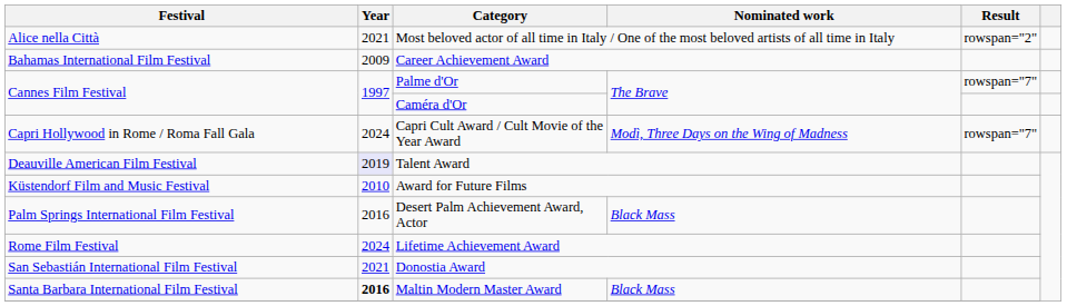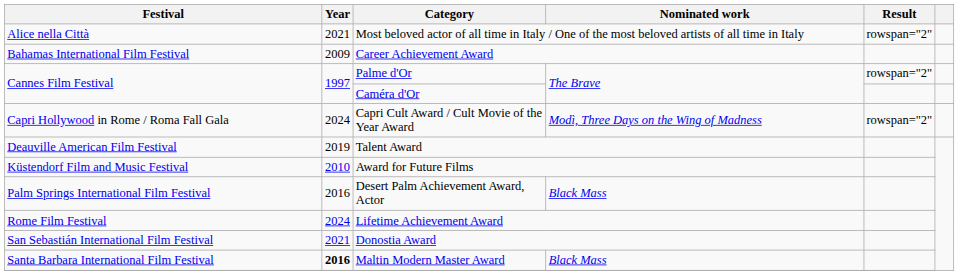 <table class= "wikitable plainrowheaders sortable">
 <tr>
 <th scope="col" style="width:25em;">Festival</th>
 <th scope="col" style="width:1em;">Year</th>
 <th scope="col" style="width:15em;">Category</th>
 <th scope="col" style="width:25em;">Nominated work</th>
 <th scope="col" style="width:5em;">Result</th>
 <th scope="col" style="width:1em;" class="unsortable"></th>
 </tr>
 <tr>
 <td><a href='#'>Alice nella Città</a></td>
 <td>2021</td>
 <td colspan=2>Most beloved actor of all time in Italy / One of the most beloved artists of all time in Italy</td>
 <td>rowspan="2" </td>
 <td></td>
 </tr>
 <tr>
 <td><a href='#'>Bahamas International Film Festival</a></td>
 <td>2009</td>
 <td colspan=2><a href='#'>Career Achievement Award</a></td>
 <td></td>
 </tr>
 <tr>
 <td rowspan="2"><a href='#'>Cannes Film Festival</a></td>
 <td rowspan="2"><a href='#'>1997</a></td>
 <td><a href='#'>Palme d'Or</a></td>
 <td rowspan="2"><em><a href='#'>The Brave</a></em></td>
-<td>rowspan="7" </td>
+<td>rowspan="2" </td>
 <td></td>
 </tr>
 <tr>
 <td><a href='#'>Caméra d'Or</a></td>
 <td></td>
 </tr>
 <tr>
 <td><a href='#'>Capri Hollywood</a> in Rome / Roma Fall Gala</td>
 <td>2024</td>
 <td>Capri Cult Award / Cult Movie of the Year Award</td>
 <td><em><a href='#'>Modì, Three Days on the Wing of Madness</a></em></td>
-<td>rowspan="7" </td>
+<td>rowspan="2" </td>
 <td></td>
 </tr>
 <tr>
 <td><a href='#'>Deauville American Film Festival</a></td>
-<td style="background: lavender;">2019</td>
+<td>2019</td>
 <td colspan=2>Talent Award</td>
 <td></td>
 </tr>
 <tr>
 <td><a href='#'>Küstendorf Film and Music Festival</a></td>
 <td><a href='#'>2010</a></td>
 <td colspan=2>Award for Future Films</td>
 <td></td>
 </tr>
 <tr>
 <td><a href='#'>Palm Springs International Film Festival</a></td>
 <td>2016</td>
 <td>Desert Palm Achievement Award, Actor</td>
 <td><a href='#'><em>Black Mass</em></a></td>
 <td></td>
 </tr>
 <tr>
 <td><a href='#'>Rome Film Festival</a></td>
 <td><a href='#'>2024</a></td>
 <td colspan=2><a href='#'>Lifetime Achievement Award</a></td>
 <td></td>
 </tr>
 <tr>
 <td><a href='#'>San Sebastián International Film Festival</a></td>
 <td><a href='#'>2021</a></td>
 <td colspan=2><a href='#'>Donostia Award</a></td>
 <td></td>
 </tr>
 <tr>
 <td><a href='#'>Santa Barbara International Film Festival</a></td>
 <td><strong>2016</strong></td>
 <td><a href='#'>Maltin Modern Master Award</a></td>
 <td><a href='#'><em>Black Mass</em></a></td>
 <td></td>
 </tr>
 <tr>
 </tr>
 </table>
